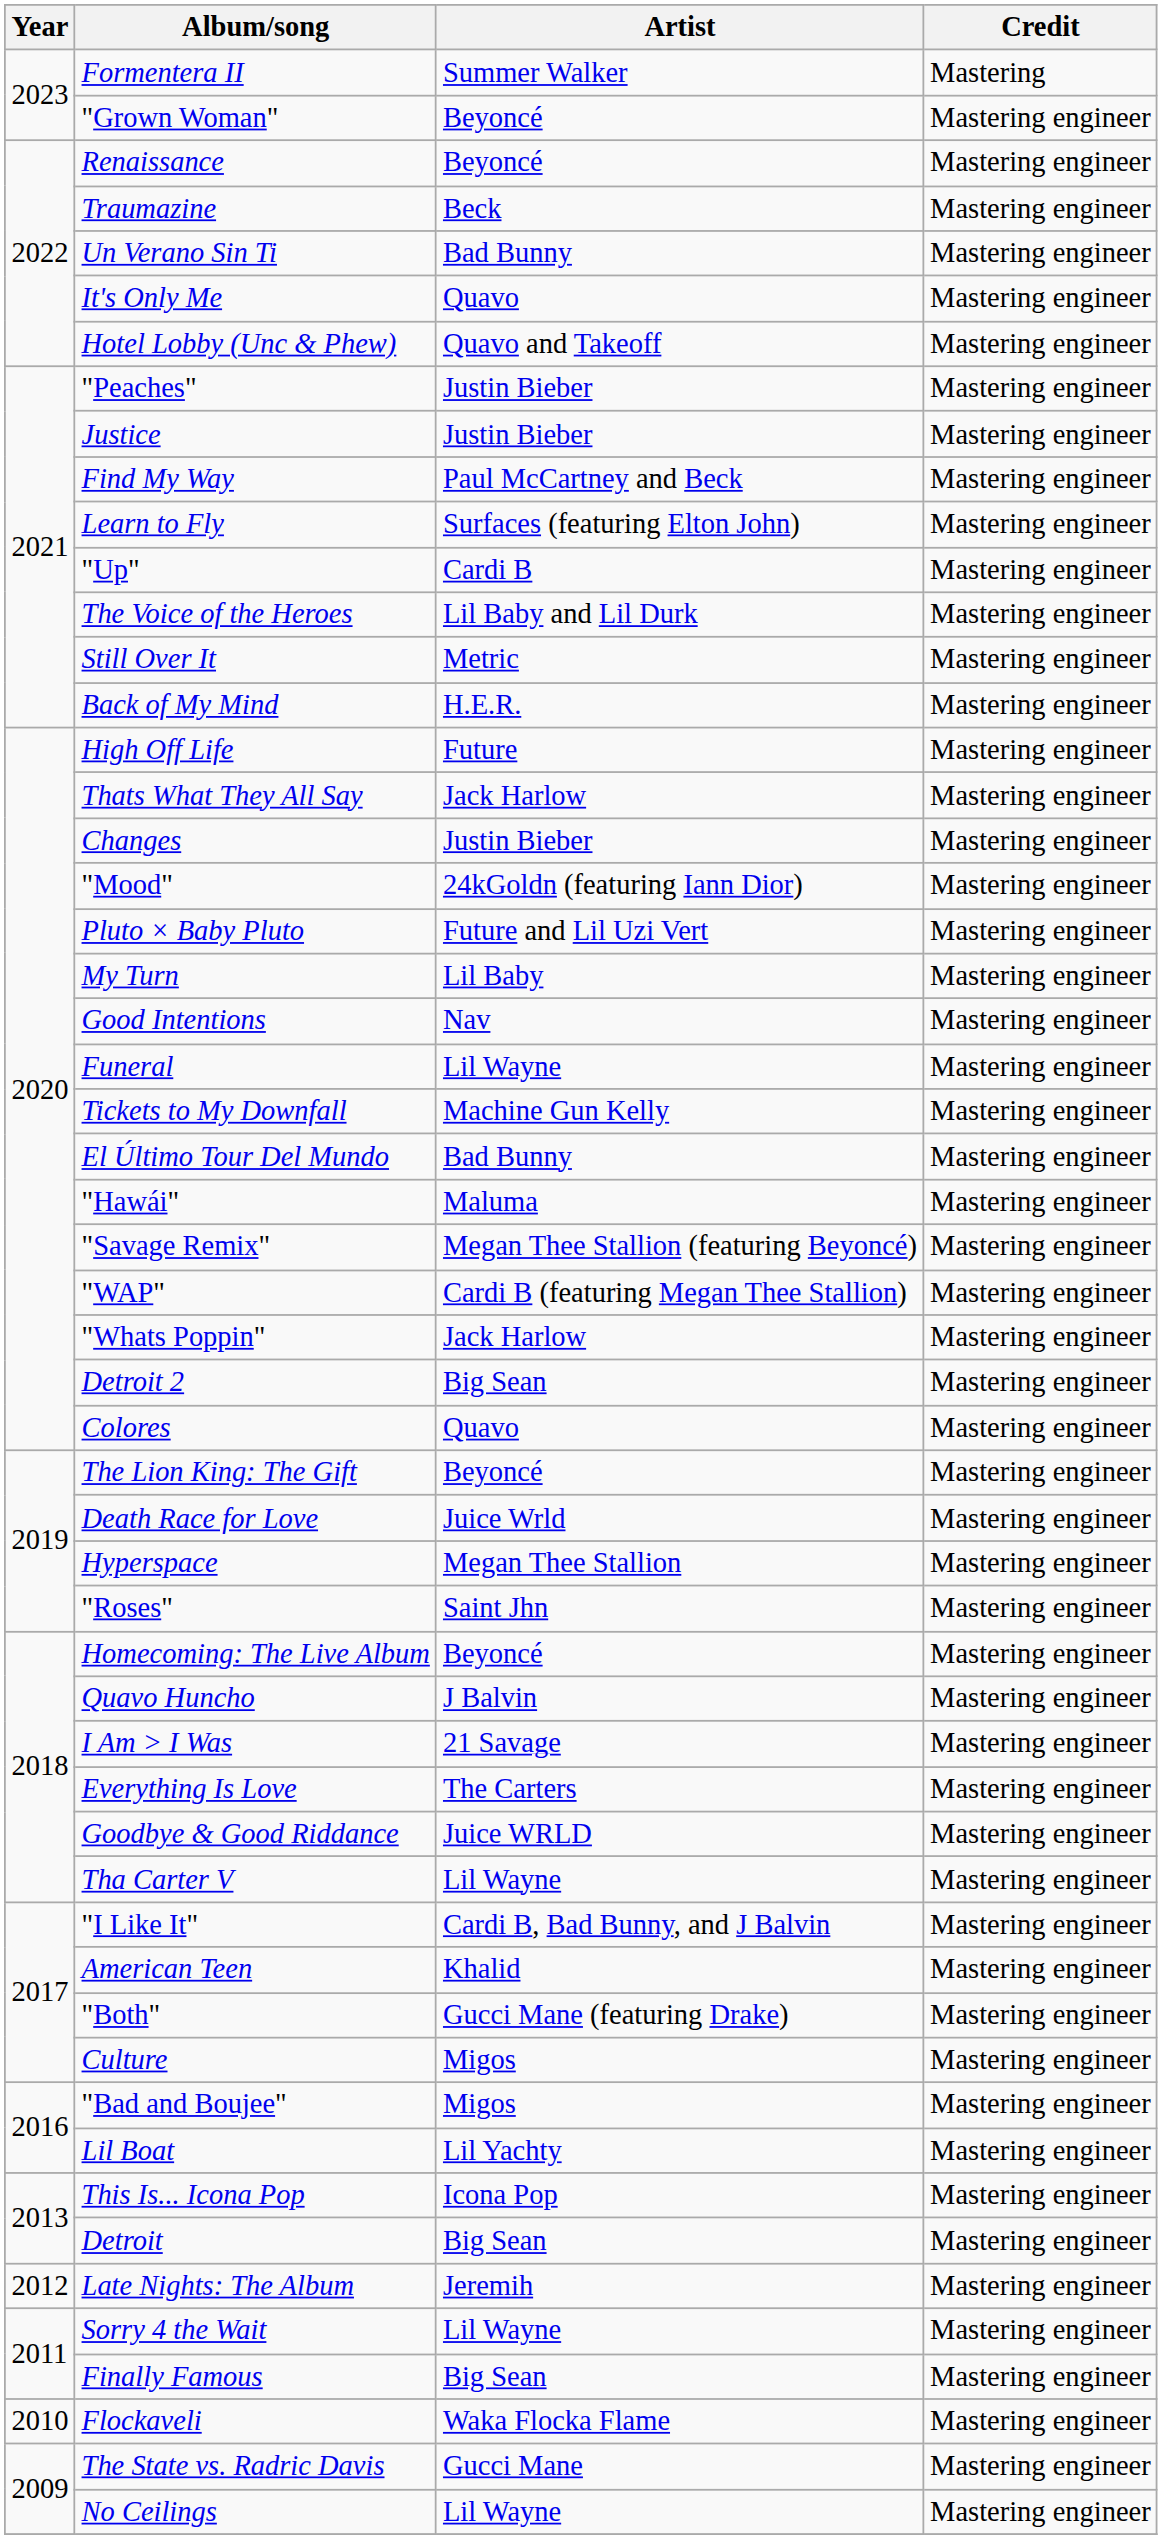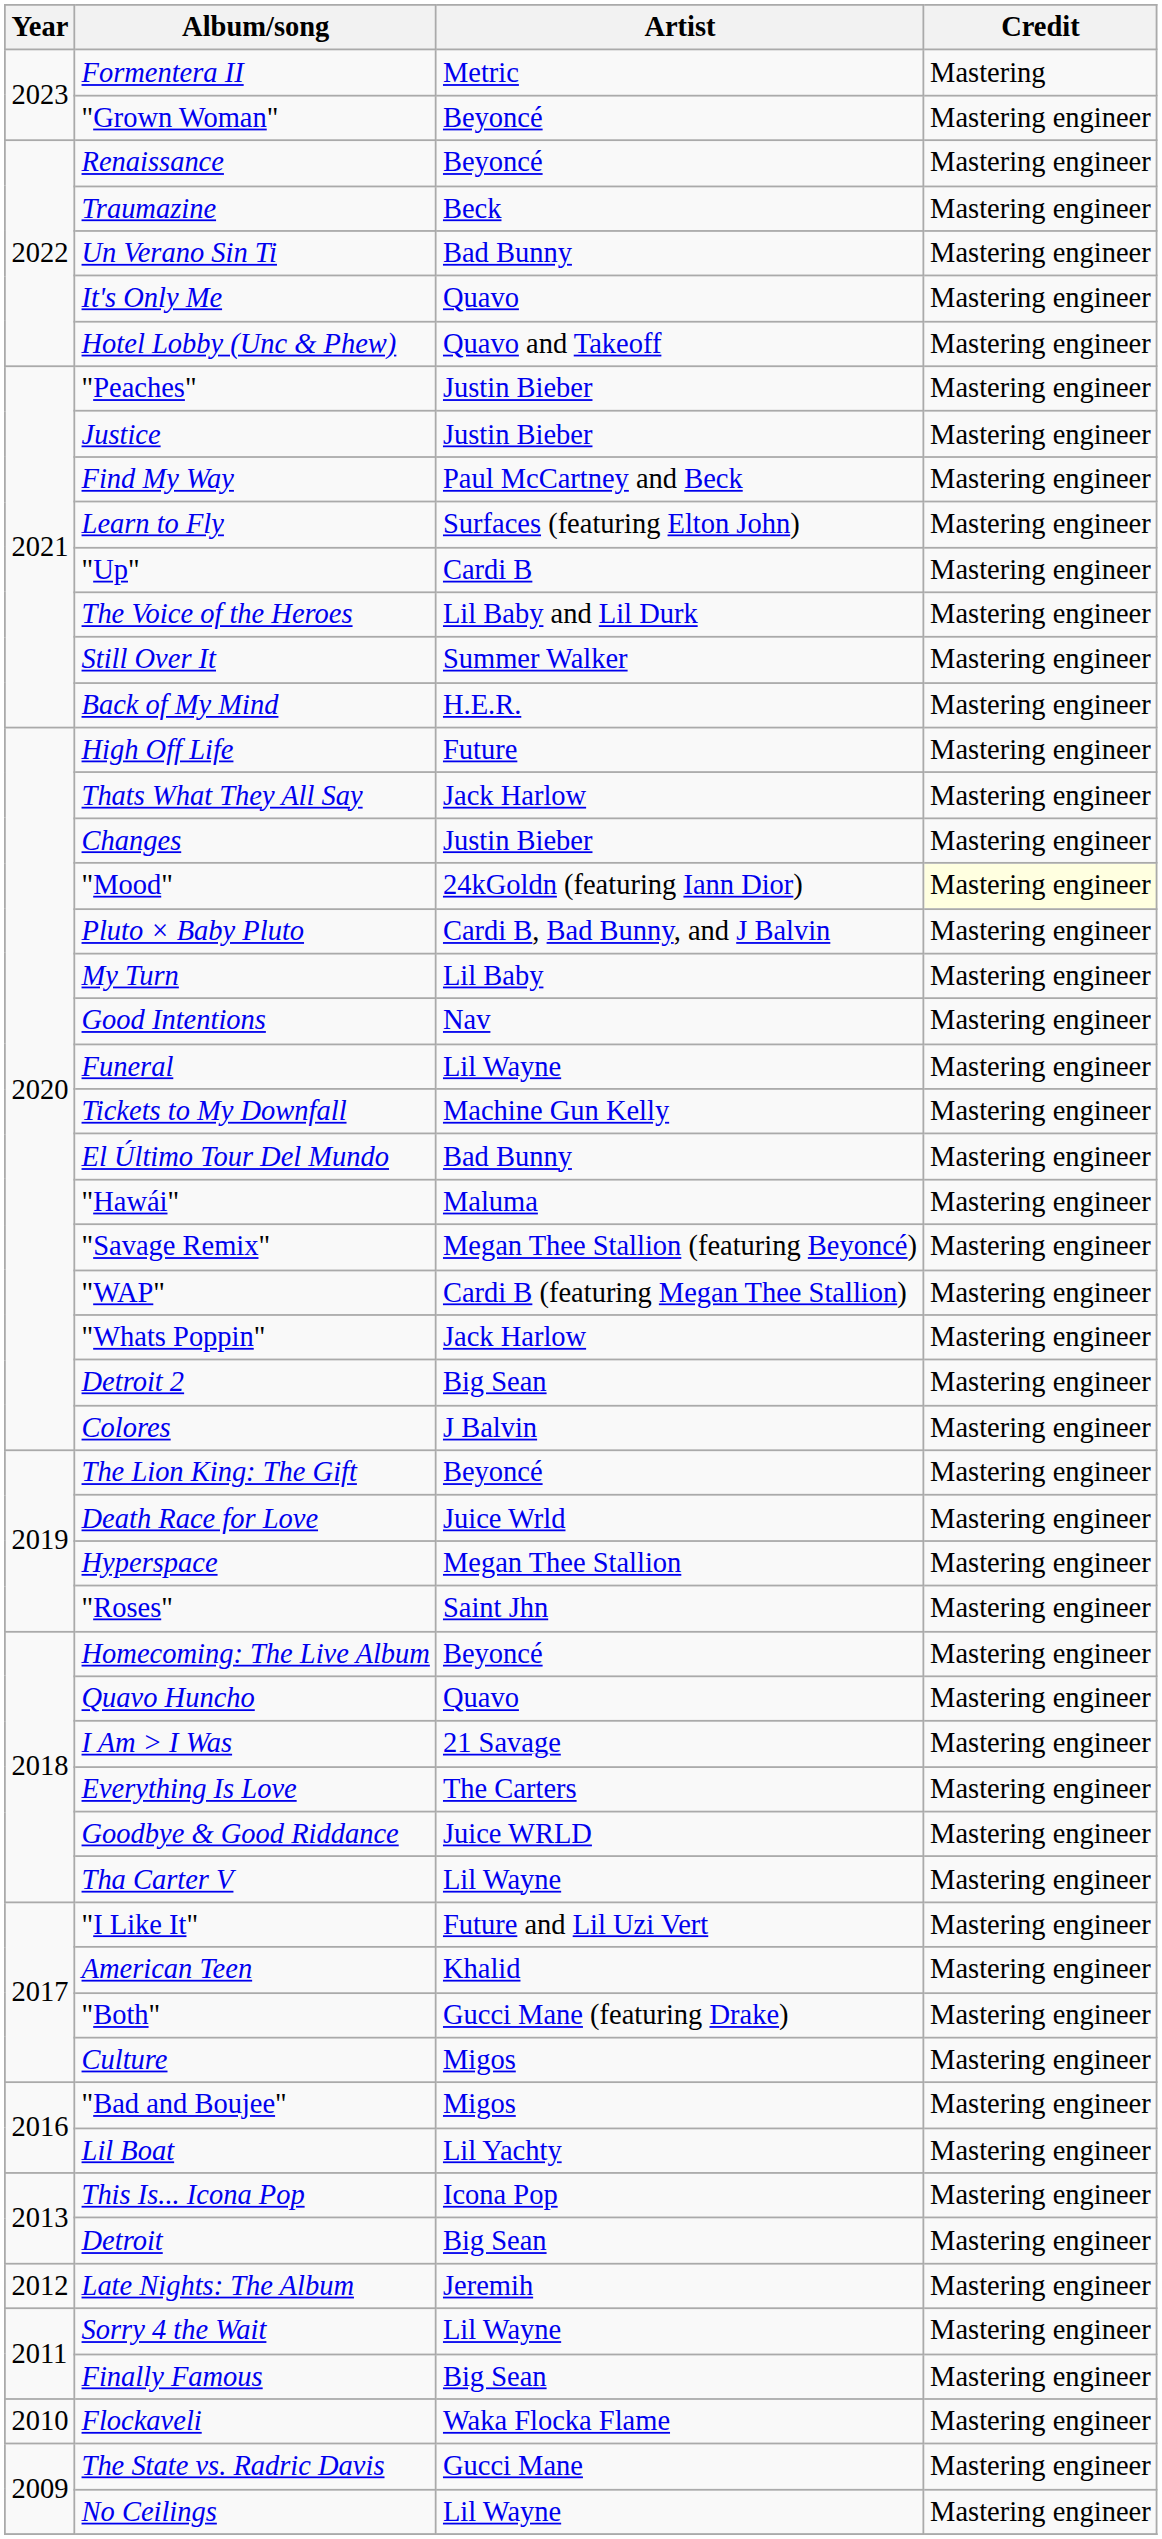 <table class="wikitable">
 <tr>
 <th>Year</th>
 <th>Album/song</th>
 <th>Artist</th>
 <th>Credit</th>
 </tr>
 <tr>
 <td rowspan="2">2023</td>
 <td><em><a href='#'>Formentera II</a></em></td>
-<td><a href='#'>Summer Walker</a></td>
+<td><a href='#'>Metric</a></td>
 <td>Mastering</td>
 </tr>
 <tr>
 <td>"<a href='#'>Grown Woman</a>"</td>
 <td><a href='#'>Beyoncé</a></td>
 <td>Mastering engineer</td>
 </tr>
 <tr>
 <td rowspan="5">2022</td>
 <td><em><a href='#'>Renaissance</a></em></td>
 <td><a href='#'>Beyoncé</a></td>
 <td>Mastering engineer</td>
 </tr>
 <tr>
 <td><em><a href='#'>Traumazine</a></em></td>
 <td><a href='#'>Beck</a></td>
 <td>Mastering engineer</td>
 </tr>
 <tr>
 <td><em><a href='#'>Un Verano Sin Ti</a></em></td>
 <td><a href='#'>Bad Bunny</a></td>
 <td>Mastering engineer</td>
 </tr>
 <tr>
 <td><em><a href='#'>It's Only Me</a></em></td>
 <td><a href='#'>Quavo</a></td>
 <td>Mastering engineer</td>
 </tr>
 <tr>
 <td><em><a href='#'>Hotel Lobby (Unc & Phew)</a></em></td>
 <td><a href='#'>Quavo</a> and <a href='#'>Takeoff</a></td>
 <td>Mastering engineer</td>
 </tr>
 <tr>
 <td rowspan="8">2021</td>
 <td>"<a href='#'>Peaches</a>"</td>
 <td><a href='#'>Justin Bieber</a></td>
 <td>Mastering engineer</td>
 </tr>
 <tr>
 <td><em><a href='#'>Justice</a> </em></td>
 <td><a href='#'>Justin Bieber</a></td>
 <td>Mastering engineer</td>
 </tr>
 <tr>
 <td><em><a href='#'>Find My Way</a></em></td>
 <td><a href='#'>Paul McCartney</a> and <a href='#'>Beck</a></td>
 <td>Mastering engineer</td>
 </tr>
 <tr>
 <td><em><a href='#'>Learn to Fly</a> </em></td>
 <td><a href='#'>Surfaces</a> (featuring <a href='#'>Elton John</a>)</td>
 <td>Mastering engineer</td>
 </tr>
 <tr>
 <td>"<a href='#'>Up</a>"</td>
 <td><a href='#'>Cardi B</a></td>
 <td>Mastering engineer</td>
 </tr>
 <tr>
 <td><em><a href='#'>The Voice of the Heroes</a> </em></td>
 <td><a href='#'>Lil Baby</a> and <a href='#'>Lil Durk</a></td>
 <td>Mastering engineer</td>
 </tr>
 <tr>
 <td><em><a href='#'>Still Over It</a> </em></td>
-<td><a href='#'>Metric</a></td>
+<td><a href='#'>Summer Walker</a></td>
 <td>Mastering engineer</td>
 </tr>
 <tr>
 <td><em><a href='#'>Back of My Mind</a></em></td>
 <td><a href='#'>H.E.R.</a></td>
 <td>Mastering engineer</td>
 </tr>
 <tr>
 <td rowspan="16">2020</td>
 <td><em><a href='#'>High Off Life</a></em></td>
 <td><a href='#'>Future</a></td>
 <td>Mastering engineer</td>
 </tr>
 <tr>
 <td><em><a href='#'>Thats What They All Say</a></em></td>
 <td><a href='#'>Jack Harlow</a></td>
 <td>Mastering engineer</td>
 </tr>
 <tr>
 <td><em><a href='#'>Changes</a></em></td>
 <td><a href='#'>Justin Bieber</a></td>
 <td>Mastering engineer</td>
 </tr>
 <tr>
 <td>"<a href='#'>Mood</a>"</td>
 <td><a href='#'>24kGoldn</a> (featuring <a href='#'>Iann Dior</a>)</td>
-<td>Mastering engineer</td>
+<td style="background: lightyellow;">Mastering engineer</td>
 </tr>
 <tr>
 <td><em><a href='#'>Pluto × Baby Pluto</a></em></td>
-<td><a href='#'>Future</a> and <a href='#'>Lil Uzi Vert</a></td>
+<td><a href='#'>Cardi B</a>, <a href='#'>Bad Bunny</a>, and <a href='#'>J Balvin</a></td>
 <td>Mastering engineer</td>
 </tr>
 <tr>
 <td><em><a href='#'>My Turn</a></em></td>
 <td><a href='#'>Lil Baby</a></td>
 <td>Mastering engineer</td>
 </tr>
 <tr>
 <td><em><a href='#'>Good Intentions</a></em></td>
 <td><a href='#'>Nav</a></td>
 <td>Mastering engineer</td>
 </tr>
 <tr>
 <td><em><a href='#'>Funeral</a></em></td>
 <td><a href='#'>Lil Wayne</a></td>
 <td>Mastering engineer</td>
 </tr>
 <tr>
 <td><em><a href='#'>Tickets to My Downfall</a></em></td>
 <td><a href='#'>Machine Gun Kelly</a></td>
 <td>Mastering engineer</td>
 </tr>
 <tr>
 <td><em><a href='#'>El Último Tour Del Mundo</a></em></td>
 <td><a href='#'>Bad Bunny</a></td>
 <td>Mastering engineer</td>
 </tr>
 <tr>
 <td>"<a href='#'>Hawái</a>"</td>
 <td><a href='#'>Maluma</a></td>
 <td>Mastering engineer</td>
 </tr>
 <tr>
 <td>"<a href='#'>Savage Remix</a>"</td>
 <td><a href='#'>Megan Thee Stallion</a> (featuring <a href='#'>Beyoncé</a>)</td>
 <td>Mastering engineer</td>
 </tr>
 <tr>
 <td>"<a href='#'>WAP</a>"</td>
 <td><a href='#'>Cardi B</a> (featuring <a href='#'>Megan Thee Stallion</a>)</td>
 <td>Mastering engineer</td>
 </tr>
 <tr>
 <td>"<a href='#'>Whats Poppin</a>"</td>
 <td><a href='#'>Jack Harlow</a></td>
 <td>Mastering engineer</td>
 </tr>
 <tr>
 <td><em><a href='#'>Detroit 2</a></em></td>
 <td><a href='#'>Big Sean</a></td>
 <td>Mastering engineer</td>
 </tr>
 <tr>
 <td><em><a href='#'>Colores</a></em></td>
-<td><a href='#'>Quavo</a></td>
+<td><a href='#'>J Balvin</a></td>
 <td>Mastering engineer</td>
 </tr>
 <tr>
 <td rowspan="4">2019</td>
 <td><em><a href='#'>The Lion King: The Gift</a></em></td>
 <td><a href='#'>Beyoncé</a></td>
 <td>Mastering engineer</td>
 </tr>
 <tr>
 <td><em><a href='#'>Death Race for Love</a></em></td>
 <td><a href='#'>Juice Wrld</a></td>
 <td>Mastering engineer</td>
 </tr>
 <tr>
 <td><em><a href='#'>Hyperspace</a></em></td>
 <td><a href='#'>Megan Thee Stallion</a></td>
 <td>Mastering engineer</td>
 </tr>
 <tr>
 <td>"<a href='#'>Roses</a>"</td>
 <td><a href='#'>Saint Jhn</a></td>
 <td>Mastering engineer</td>
 </tr>
 <tr>
 <td rowspan="6">2018</td>
 <td><em><a href='#'>Homecoming: The Live Album</a></em></td>
 <td><a href='#'>Beyoncé</a></td>
 <td>Mastering engineer</td>
 </tr>
 <tr>
 <td><em><a href='#'>Quavo Huncho</a></em></td>
-<td><a href='#'>J Balvin</a></td>
+<td><a href='#'>Quavo</a></td>
 <td>Mastering engineer</td>
 </tr>
 <tr>
 <td><em><a href='#'>I Am > I Was</a></em></td>
 <td><a href='#'>21 Savage</a></td>
 <td>Mastering engineer</td>
 </tr>
 <tr>
 <td><em><a href='#'>Everything Is Love</a></em></td>
 <td><a href='#'>The Carters</a></td>
 <td>Mastering engineer</td>
 </tr>
 <tr>
 <td><em><a href='#'>Goodbye & Good Riddance</a></em></td>
 <td><a href='#'>Juice WRLD</a></td>
 <td>Mastering engineer</td>
 </tr>
 <tr>
 <td><em><a href='#'>Tha Carter V</a></em></td>
 <td><a href='#'>Lil Wayne</a></td>
 <td>Mastering engineer</td>
 </tr>
 <tr>
 <td rowspan="4">2017</td>
 <td>"<a href='#'>I Like It</a>"</td>
-<td><a href='#'>Cardi B</a>, <a href='#'>Bad Bunny</a>, and <a href='#'>J Balvin</a></td>
+<td><a href='#'>Future</a> and <a href='#'>Lil Uzi Vert</a></td>
 <td>Mastering engineer</td>
 </tr>
 <tr>
 <td><em><a href='#'>American Teen</a></em></td>
 <td><a href='#'>Khalid</a></td>
 <td>Mastering engineer</td>
 </tr>
 <tr>
 <td>"<a href='#'>Both</a>"</td>
 <td><a href='#'>Gucci Mane</a> (featuring <a href='#'>Drake</a>)</td>
 <td>Mastering engineer</td>
 </tr>
 <tr>
 <td><em><a href='#'>Culture</a></em></td>
 <td><a href='#'>Migos</a></td>
 <td>Mastering engineer</td>
 </tr>
 <tr>
 <td rowspan="2">2016</td>
 <td>"<a href='#'>Bad and Boujee</a>" </td>
 <td><a href='#'>Migos</a></td>
 <td>Mastering engineer</td>
 </tr>
 <tr>
 <td><em><a href='#'>Lil Boat</a></em></td>
 <td><a href='#'>Lil Yachty</a></td>
 <td>Mastering engineer</td>
 </tr>
 <tr>
 <td rowspan="2">2013</td>
 <td><em><a href='#'>This Is... Icona Pop</a></em></td>
 <td><a href='#'>Icona Pop</a></td>
 <td>Mastering engineer</td>
 </tr>
 <tr>
 <td><em><a href='#'>Detroit</a></em></td>
 <td><a href='#'>Big Sean</a></td>
 <td>Mastering engineer</td>
 </tr>
 <tr>
 <td rowspan="1">2012</td>
 <td><em><a href='#'>Late Nights: The Album</a></em></td>
 <td><a href='#'>Jeremih</a></td>
 <td>Mastering engineer</td>
 </tr>
 <tr>
 <td rowspan="2">2011</td>
 <td><em><a href='#'>Sorry 4 the Wait</a></em></td>
 <td><a href='#'>Lil Wayne</a></td>
 <td>Mastering engineer</td>
 </tr>
 <tr>
 <td><em><a href='#'>Finally Famous</a></em></td>
 <td><a href='#'>Big Sean</a></td>
 <td>Mastering engineer</td>
 </tr>
 <tr>
 <td rowspan="1">2010</td>
 <td><em><a href='#'>Flockaveli</a></em></td>
 <td><a href='#'>Waka Flocka Flame</a></td>
 <td>Mastering engineer</td>
 </tr>
 <tr>
 <td rowspan="2">2009</td>
 <td><em><a href='#'>The State vs. Radric Davis</a></em></td>
 <td><a href='#'>Gucci Mane</a></td>
 <td>Mastering engineer</td>
 </tr>
 <tr>
 <td><em><a href='#'>No Ceilings</a></em></td>
 <td><a href='#'>Lil Wayne</a></td>
 <td>Mastering engineer</td>
 </tr>
 <tr>
 </tr>
 </table>
